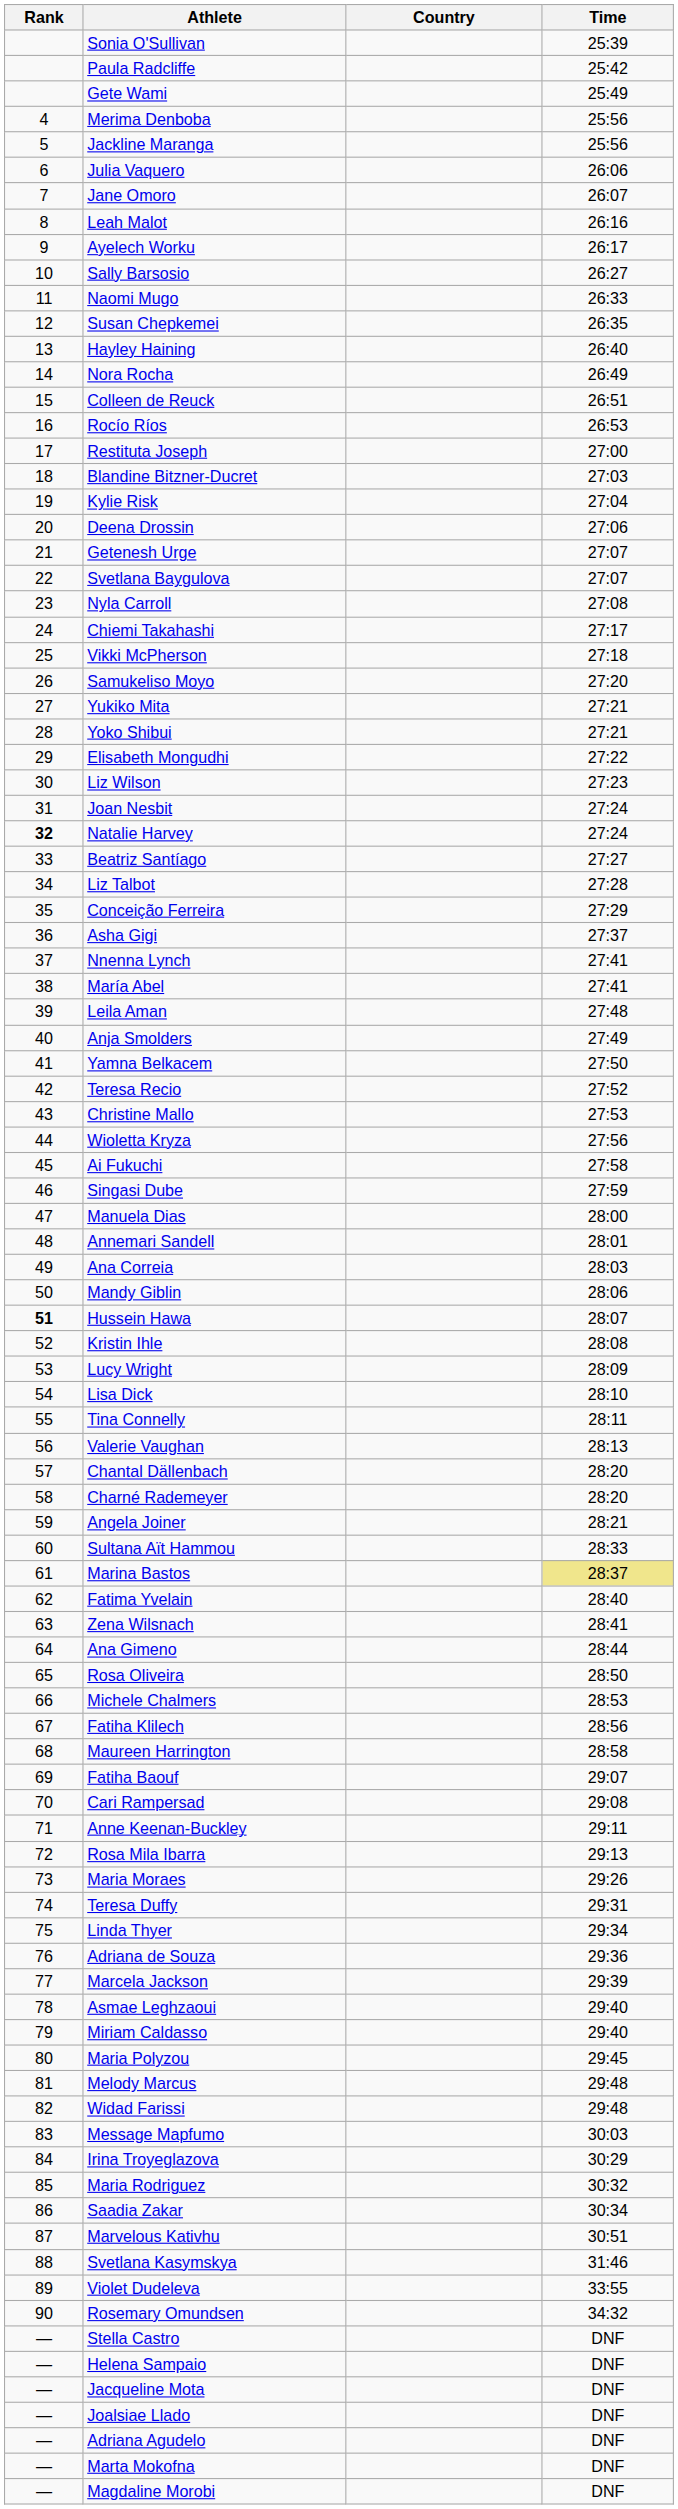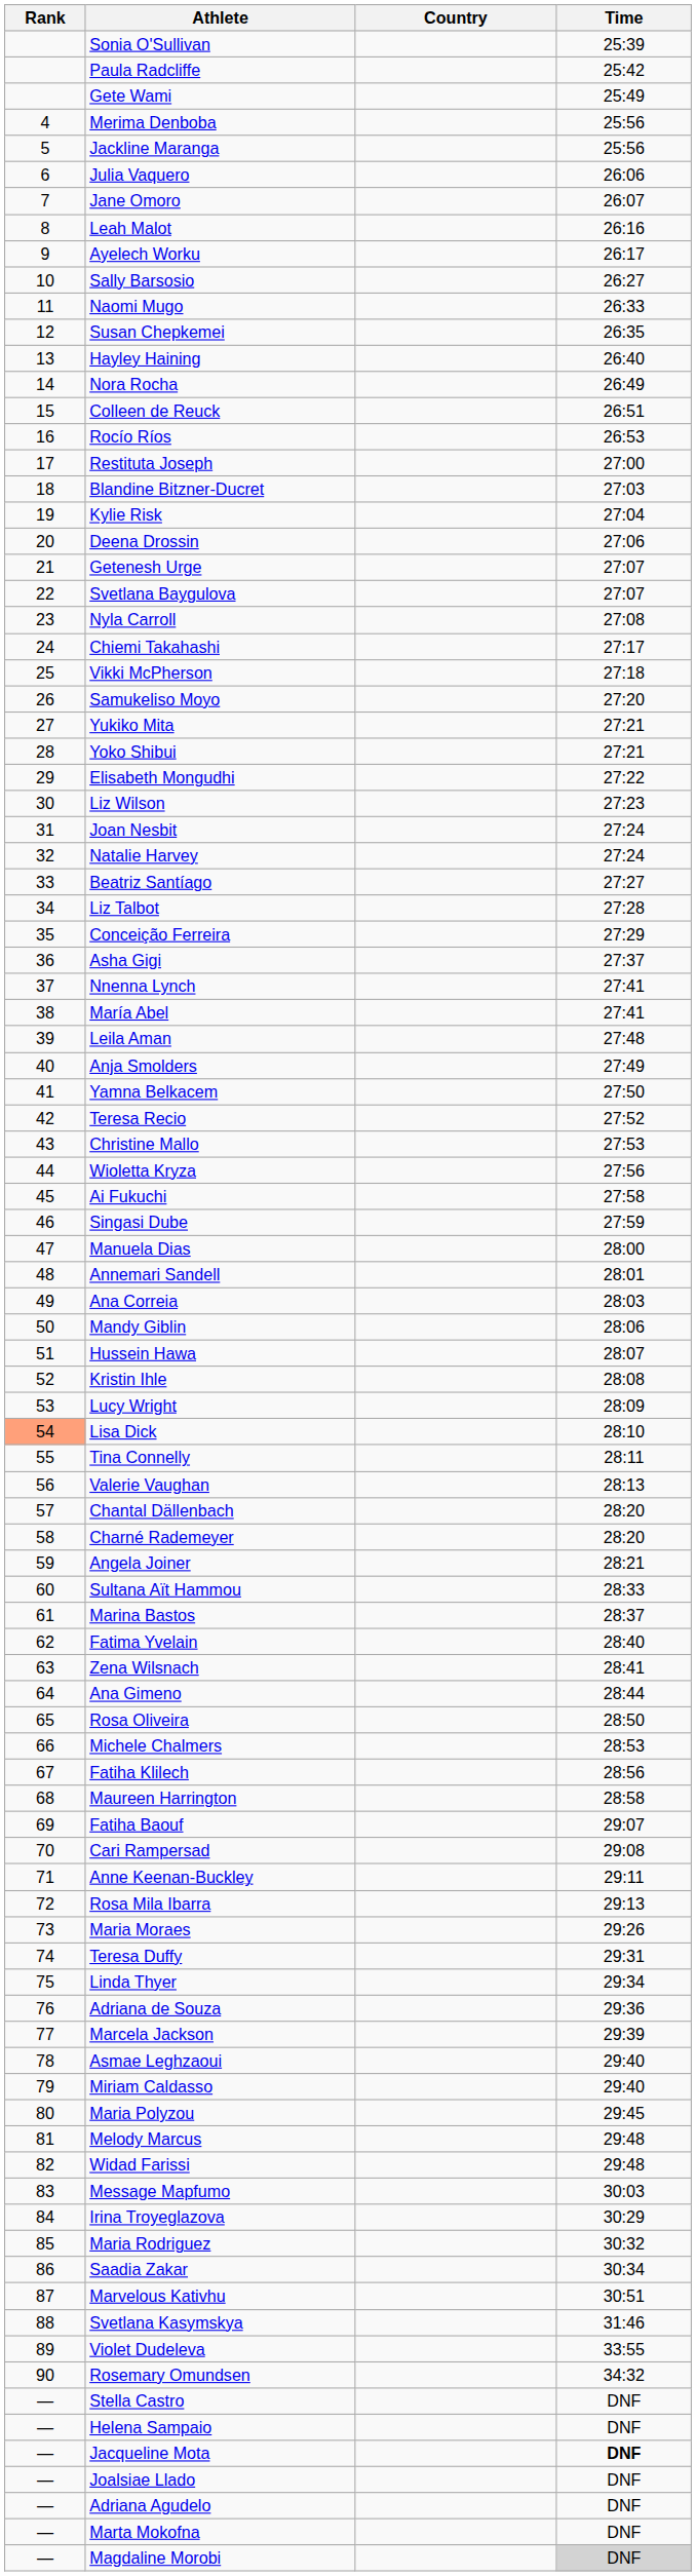 <table class="wikitable sortable" style=" text-align:center; font-size:95%;" width="50%">
 <tr>
 <th width=5%>Rank</th>
 <th width=20%>Athlete</th>
 <th width=15%>Country</th>
 <th width=10%>Time</th>
 </tr>
 <tr>
 <td align=center></td>
 <td align=left><a href='#'>Sonia O'Sullivan</a></td>
 <td align=left></td>
 <td>25:39</td>
 </tr>
 <tr>
 <td align=center></td>
 <td align=left><a href='#'>Paula Radcliffe</a></td>
 <td align=left></td>
 <td>25:42</td>
 </tr>
 <tr>
 <td align=center></td>
 <td align=left><a href='#'>Gete Wami</a></td>
 <td align=left></td>
 <td>25:49</td>
 </tr>
 <tr>
 <td align=center>4</td>
 <td align=left><a href='#'>Merima Denboba</a></td>
 <td align=left></td>
 <td>25:56</td>
 </tr>
 <tr>
 <td align=center>5</td>
 <td align=left><a href='#'>Jackline Maranga</a></td>
 <td align=left></td>
 <td>25:56</td>
 </tr>
 <tr>
 <td align=center>6</td>
 <td align=left><a href='#'>Julia Vaquero</a></td>
 <td align=left></td>
 <td>26:06</td>
 </tr>
 <tr>
 <td align=center>7</td>
 <td align=left><a href='#'>Jane Omoro</a></td>
 <td align=left></td>
 <td>26:07</td>
 </tr>
 <tr>
 <td align=center>8</td>
 <td align=left><a href='#'>Leah Malot</a></td>
 <td align=left></td>
 <td>26:16</td>
 </tr>
 <tr>
 <td align=center>9</td>
 <td align=left><a href='#'>Ayelech Worku</a></td>
 <td align=left></td>
 <td>26:17</td>
 </tr>
 <tr>
 <td align=center>10</td>
 <td align=left><a href='#'>Sally Barsosio</a></td>
 <td align=left></td>
 <td>26:27</td>
 </tr>
 <tr>
 <td align=center>11</td>
 <td align=left><a href='#'>Naomi Mugo</a></td>
 <td align=left></td>
 <td>26:33</td>
 </tr>
 <tr>
 <td align=center>12</td>
 <td align=left><a href='#'>Susan Chepkemei</a></td>
 <td align=left></td>
 <td>26:35</td>
 </tr>
 <tr>
 <td align=center>13</td>
 <td align=left><a href='#'>Hayley Haining</a></td>
 <td align=left></td>
 <td>26:40</td>
 </tr>
 <tr>
 <td align=center>14</td>
 <td align=left><a href='#'>Nora Rocha</a></td>
 <td align=left></td>
 <td>26:49</td>
 </tr>
 <tr>
 <td align=center>15</td>
 <td align=left><a href='#'>Colleen de Reuck</a></td>
 <td align=left></td>
 <td>26:51</td>
 </tr>
 <tr>
 <td align=center>16</td>
 <td align=left><a href='#'>Rocío Ríos</a></td>
 <td align=left></td>
 <td>26:53</td>
 </tr>
 <tr>
 <td align=center>17</td>
 <td align=left><a href='#'>Restituta Joseph</a></td>
 <td align=left></td>
 <td>27:00</td>
 </tr>
 <tr>
 <td align=center>18</td>
 <td align=left><a href='#'>Blandine Bitzner-Ducret</a></td>
 <td align=left></td>
 <td>27:03</td>
 </tr>
 <tr>
 <td align=center>19</td>
 <td align=left><a href='#'>Kylie Risk</a></td>
 <td align=left></td>
 <td>27:04</td>
 </tr>
 <tr>
 <td align=center>20</td>
 <td align=left><a href='#'>Deena Drossin</a></td>
 <td align=left></td>
 <td>27:06</td>
 </tr>
 <tr>
 <td align=center>21</td>
 <td align=left><a href='#'>Getenesh Urge</a></td>
 <td align=left></td>
 <td>27:07</td>
 </tr>
 <tr>
 <td align=center>22</td>
 <td align=left><a href='#'>Svetlana Baygulova</a></td>
 <td align=left></td>
 <td>27:07</td>
 </tr>
 <tr>
 <td align=center>23</td>
 <td align=left><a href='#'>Nyla Carroll</a></td>
 <td align=left></td>
 <td>27:08</td>
 </tr>
 <tr>
 <td align=center>24</td>
 <td align=left><a href='#'>Chiemi Takahashi</a></td>
 <td align=left></td>
 <td>27:17</td>
 </tr>
 <tr>
 <td align=center>25</td>
 <td align=left><a href='#'>Vikki McPherson</a></td>
 <td align=left></td>
 <td>27:18</td>
 </tr>
 <tr>
 <td align=center>26</td>
 <td align=left><a href='#'>Samukeliso Moyo</a></td>
 <td align=left></td>
 <td>27:20</td>
 </tr>
 <tr>
 <td align=center>27</td>
 <td align=left><a href='#'>Yukiko Mita</a></td>
 <td align=left></td>
 <td>27:21</td>
 </tr>
 <tr>
 <td align=center>28</td>
 <td align=left><a href='#'>Yoko Shibui</a></td>
 <td align=left></td>
 <td>27:21</td>
 </tr>
 <tr>
 <td align=center>29</td>
 <td align=left><a href='#'>Elisabeth Mongudhi</a></td>
 <td align=left></td>
 <td>27:22</td>
 </tr>
 <tr>
 <td align=center>30</td>
 <td align=left><a href='#'>Liz Wilson</a></td>
 <td align=left></td>
 <td>27:23</td>
 </tr>
 <tr>
 <td align=center>31</td>
 <td align=left><a href='#'>Joan Nesbit</a></td>
 <td align=left></td>
 <td>27:24</td>
 </tr>
 <tr>
-<td align=center><strong>32</strong></td>
+<td align=center>32</td>
 <td align=left><a href='#'>Natalie Harvey</a></td>
 <td align=left></td>
 <td>27:24</td>
 </tr>
 <tr>
 <td align=center>33</td>
 <td align=left><a href='#'>Beatriz Santíago</a></td>
 <td align=left></td>
 <td>27:27</td>
 </tr>
 <tr>
 <td align=center>34</td>
 <td align=left><a href='#'>Liz Talbot</a></td>
 <td align=left></td>
 <td>27:28</td>
 </tr>
 <tr>
 <td align=center>35</td>
 <td align=left><a href='#'>Conceição Ferreira</a></td>
 <td align=left></td>
 <td>27:29</td>
 </tr>
 <tr>
 <td align=center>36</td>
 <td align=left><a href='#'>Asha Gigi</a></td>
 <td align=left></td>
 <td>27:37</td>
 </tr>
 <tr>
 <td align=center>37</td>
 <td align=left><a href='#'>Nnenna Lynch</a></td>
 <td align=left></td>
 <td>27:41</td>
 </tr>
 <tr>
 <td align=center>38</td>
 <td align=left><a href='#'>María Abel</a></td>
 <td align=left></td>
 <td>27:41</td>
 </tr>
 <tr>
 <td align=center>39</td>
 <td align=left><a href='#'>Leila Aman</a></td>
 <td align=left></td>
 <td>27:48</td>
 </tr>
 <tr>
 <td align=center>40</td>
 <td align=left><a href='#'>Anja Smolders</a></td>
 <td align=left></td>
 <td>27:49</td>
 </tr>
 <tr>
 <td align=center>41</td>
 <td align=left><a href='#'>Yamna Belkacem</a></td>
 <td align=left></td>
 <td>27:50</td>
 </tr>
 <tr>
 <td align=center>42</td>
 <td align=left><a href='#'>Teresa Recio</a></td>
 <td align=left></td>
 <td>27:52</td>
 </tr>
 <tr>
 <td align=center>43</td>
 <td align=left><a href='#'>Christine Mallo</a></td>
 <td align=left></td>
 <td>27:53</td>
 </tr>
 <tr>
 <td align=center>44</td>
 <td align=left><a href='#'>Wioletta Kryza</a></td>
 <td align=left></td>
 <td>27:56</td>
 </tr>
 <tr>
 <td align=center>45</td>
 <td align=left><a href='#'>Ai Fukuchi</a></td>
 <td align=left></td>
 <td>27:58</td>
 </tr>
 <tr>
 <td align=center>46</td>
 <td align=left><a href='#'>Singasi Dube</a></td>
 <td align=left></td>
 <td>27:59</td>
 </tr>
 <tr>
 <td align=center>47</td>
 <td align=left><a href='#'>Manuela Dias</a></td>
 <td align=left></td>
 <td>28:00</td>
 </tr>
 <tr>
 <td align=center>48</td>
 <td align=left><a href='#'>Annemari Sandell</a></td>
 <td align=left></td>
 <td>28:01</td>
 </tr>
 <tr>
 <td align=center>49</td>
 <td align=left><a href='#'>Ana Correia</a></td>
 <td align=left></td>
 <td>28:03</td>
 </tr>
 <tr>
 <td align=center>50</td>
 <td align=left><a href='#'>Mandy Giblin</a></td>
 <td align=left></td>
 <td>28:06</td>
 </tr>
 <tr>
-<td align=center><strong>51</strong></td>
+<td align=center>51</td>
 <td align=left><a href='#'>Hussein Hawa</a></td>
 <td align=left></td>
 <td>28:07</td>
 </tr>
 <tr>
 <td align=center>52</td>
 <td align=left><a href='#'>Kristin Ihle</a></td>
 <td align=left></td>
 <td>28:08</td>
 </tr>
 <tr>
 <td align=center>53</td>
 <td align=left><a href='#'>Lucy Wright</a></td>
 <td align=left></td>
 <td>28:09</td>
 </tr>
 <tr>
-<td align=center>54</td>
+<td align=center style="background: lightsalmon;">54</td>
 <td align=left><a href='#'>Lisa Dick</a></td>
 <td align=left></td>
 <td>28:10</td>
 </tr>
 <tr>
 <td align=center>55</td>
 <td align=left><a href='#'>Tina Connelly</a></td>
 <td align=left></td>
 <td>28:11</td>
 </tr>
 <tr>
 <td align=center>56</td>
 <td align=left><a href='#'>Valerie Vaughan</a></td>
 <td align=left></td>
 <td>28:13</td>
 </tr>
 <tr>
 <td align=center>57</td>
 <td align=left><a href='#'>Chantal Dällenbach</a></td>
 <td align=left></td>
 <td>28:20</td>
 </tr>
 <tr>
 <td align=center>58</td>
 <td align=left><a href='#'>Charné Rademeyer</a></td>
 <td align=left></td>
 <td>28:20</td>
 </tr>
 <tr>
 <td align=center>59</td>
 <td align=left><a href='#'>Angela Joiner</a></td>
 <td align=left></td>
 <td>28:21</td>
 </tr>
 <tr>
 <td align=center>60</td>
 <td align=left><a href='#'>Sultana Aït Hammou</a></td>
 <td align=left></td>
 <td>28:33</td>
 </tr>
 <tr>
 <td align=center>61</td>
 <td align=left><a href='#'>Marina Bastos</a></td>
 <td align=left></td>
-<td style="background: khaki;">28:37</td>
+<td>28:37</td>
 </tr>
 <tr>
 <td align=center>62</td>
 <td align=left><a href='#'>Fatima Yvelain</a></td>
 <td align=left></td>
 <td>28:40</td>
 </tr>
 <tr>
 <td align=center>63</td>
 <td align=left><a href='#'>Zena Wilsnach</a></td>
 <td align=left></td>
 <td>28:41</td>
 </tr>
 <tr>
 <td align=center>64</td>
 <td align=left><a href='#'>Ana Gimeno</a></td>
 <td align=left></td>
 <td>28:44</td>
 </tr>
 <tr>
 <td align=center>65</td>
 <td align=left><a href='#'>Rosa Oliveira</a></td>
 <td align=left></td>
 <td>28:50</td>
 </tr>
 <tr>
 <td align=center>66</td>
 <td align=left><a href='#'>Michele Chalmers</a></td>
 <td align=left></td>
 <td>28:53</td>
 </tr>
 <tr>
 <td align=center>67</td>
 <td align=left><a href='#'>Fatiha Klilech</a></td>
 <td align=left></td>
 <td>28:56</td>
 </tr>
 <tr>
 <td align=center>68</td>
 <td align=left><a href='#'>Maureen Harrington</a></td>
 <td align=left></td>
 <td>28:58</td>
 </tr>
 <tr>
 <td align=center>69</td>
 <td align=left><a href='#'>Fatiha Baouf</a></td>
 <td align=left></td>
 <td>29:07</td>
 </tr>
 <tr>
 <td align=center>70</td>
 <td align=left><a href='#'>Cari Rampersad</a></td>
 <td align=left></td>
 <td>29:08</td>
 </tr>
 <tr>
 <td align=center>71</td>
 <td align=left><a href='#'>Anne Keenan-Buckley</a></td>
 <td align=left></td>
 <td>29:11</td>
 </tr>
 <tr>
 <td align=center>72</td>
 <td align=left><a href='#'>Rosa Mila Ibarra</a></td>
 <td align=left></td>
 <td>29:13</td>
 </tr>
 <tr>
 <td align=center>73</td>
 <td align=left><a href='#'>Maria Moraes</a></td>
 <td align=left></td>
 <td>29:26</td>
 </tr>
 <tr>
 <td align=center>74</td>
 <td align=left><a href='#'>Teresa Duffy</a></td>
 <td align=left></td>
 <td>29:31</td>
 </tr>
 <tr>
 <td align=center>75</td>
 <td align=left><a href='#'>Linda Thyer</a></td>
 <td align=left></td>
 <td>29:34</td>
 </tr>
 <tr>
 <td align=center>76</td>
 <td align=left><a href='#'>Adriana de Souza</a></td>
 <td align=left></td>
 <td>29:36</td>
 </tr>
 <tr>
 <td align=center>77</td>
 <td align=left><a href='#'>Marcela Jackson</a></td>
 <td align=left></td>
 <td>29:39</td>
 </tr>
 <tr>
 <td align=center>78</td>
 <td align=left><a href='#'>Asmae Leghzaoui</a></td>
 <td align=left></td>
 <td>29:40</td>
 </tr>
 <tr>
 <td align=center>79</td>
 <td align=left><a href='#'>Miriam Caldasso</a></td>
 <td align=left></td>
 <td>29:40</td>
 </tr>
 <tr>
 <td align=center>80</td>
 <td align=left><a href='#'>Maria Polyzou</a></td>
 <td align=left></td>
 <td>29:45</td>
 </tr>
 <tr>
 <td align=center>81</td>
 <td align=left><a href='#'>Melody Marcus</a></td>
 <td align=left></td>
 <td>29:48</td>
 </tr>
 <tr>
 <td align=center>82</td>
 <td align=left><a href='#'>Widad Farissi</a></td>
 <td align=left></td>
 <td>29:48</td>
 </tr>
 <tr>
 <td align=center>83</td>
 <td align=left><a href='#'>Message Mapfumo</a></td>
 <td align=left></td>
 <td>30:03</td>
 </tr>
 <tr>
 <td align=center>84</td>
 <td align=left><a href='#'>Irina Troyeglazova</a></td>
 <td align=left></td>
 <td>30:29</td>
 </tr>
 <tr>
 <td align=center>85</td>
 <td align=left><a href='#'>Maria Rodriguez</a></td>
 <td align=left></td>
 <td>30:32</td>
 </tr>
 <tr>
 <td align=center>86</td>
 <td align=left><a href='#'>Saadia Zakar</a></td>
 <td align=left></td>
 <td>30:34</td>
 </tr>
 <tr>
 <td align=center>87</td>
 <td align=left><a href='#'>Marvelous Kativhu</a></td>
 <td align=left></td>
 <td>30:51</td>
 </tr>
 <tr>
 <td align=center>88</td>
 <td align=left><a href='#'>Svetlana Kasymskya</a></td>
 <td align=left></td>
 <td>31:46</td>
 </tr>
 <tr>
 <td align=center>89</td>
 <td align=left><a href='#'>Violet Dudeleva</a></td>
 <td align=left></td>
 <td>33:55</td>
 </tr>
 <tr>
 <td align=center>90</td>
 <td align=left><a href='#'>Rosemary Omundsen</a></td>
 <td align=left></td>
 <td>34:32</td>
 </tr>
 <tr>
 <td align=center>—</td>
 <td align=left><a href='#'>Stella Castro</a></td>
 <td align=left></td>
 <td>DNF</td>
 </tr>
 <tr>
 <td align=center>—</td>
 <td align=left><a href='#'>Helena Sampaio</a></td>
 <td align=left></td>
 <td>DNF</td>
 </tr>
 <tr>
 <td align=center>—</td>
 <td align=left><a href='#'>Jacqueline Mota</a></td>
 <td align=left></td>
-<td>DNF</td>
+<td><strong>DNF</strong></td>
 </tr>
 <tr>
 <td align=center>—</td>
 <td align=left><a href='#'>Joalsiae Llado</a></td>
 <td align=left></td>
 <td>DNF</td>
 </tr>
 <tr>
 <td align=center>—</td>
 <td align=left><a href='#'>Adriana Agudelo</a></td>
 <td align=left></td>
 <td>DNF</td>
 </tr>
 <tr>
 <td align=center>—</td>
 <td align=left><a href='#'>Marta Mokofna</a></td>
 <td align=left></td>
 <td>DNF</td>
 </tr>
 <tr>
 <td align=center>—</td>
 <td align=left><a href='#'>Magdaline Morobi</a></td>
 <td align=left></td>
-<td>DNF</td>
+<td style="background: lightgrey;">DNF</td>
 </tr>
 </table>
